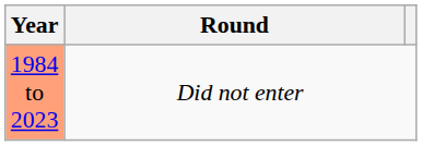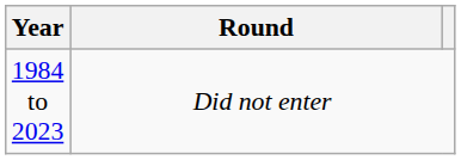 <table class="wikitable" style="text-align: center; font-size:90%">
 <tr>
 <th>Year</th>
 <th style="width:200px">Round</th>
 <th></th>
 </tr>
 <tr>
-<td style="background: lightsalmon;"><a href='#'>1984</a><br>to<br><a href='#'>2023</a></td>
+<td><a href='#'>1984</a><br>to<br><a href='#'>2023</a></td>
 <td colspan="2"><em>Did not enter</em></td>
 </tr>
 </table>
